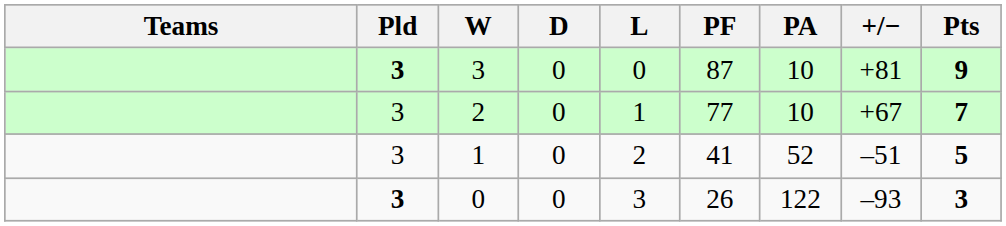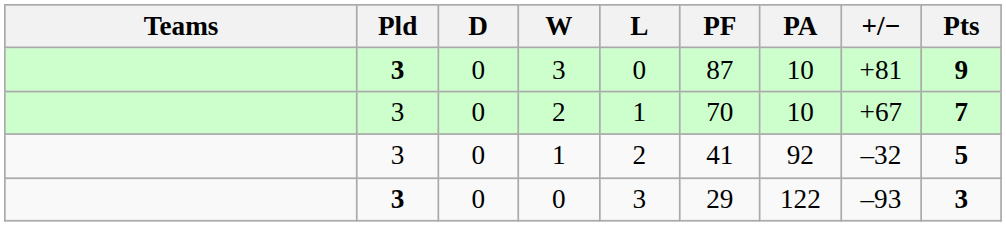 <table class="wikitable" style="text-align: center;">
 <tr>
 <th width="200">Teams</th>
 <th width="40">Pld</th>
+<th width="40">D</th>
 <th width="40">W</th>
-<th width="40">D</th>
 <th width="40">L</th>
 <th width="40">PF</th>
 <th width="40">PA</th>
 <th width="40">+/−</th>
 <th width="40">Pts</th>
 </tr>
 <tr bgcolor=ccffcc>
 <td align=left></td>
 <td><strong>3</strong></td>
+<td>0</td>
 <td>3</td>
-<td>0</td>
 <td>0</td>
 <td>87</td>
 <td>10</td>
 <td>+81</td>
 <td><strong>9</strong></td>
 </tr>
 <tr bgcolor=ccffcc>
 <td align=left></td>
 <td>3</td>
+<td>0</td>
 <td>2</td>
-<td>0</td>
 <td>1</td>
-<td>77</td>
+<td>70</td>
 <td>10</td>
 <td>+67</td>
 <td><strong>7</strong></td>
 </tr>
 <tr>
 <td align=left></td>
 <td>3</td>
+<td>0</td>
 <td>1</td>
-<td>0</td>
 <td>2</td>
 <td>41</td>
-<td>52</td>
-<td>–51</td>
+<td>92</td>
+<td>–32</td>
 <td><strong>5</strong></td>
 </tr>
 <tr>
 <td align=left></td>
 <td><strong>3</strong></td>
 <td>0</td>
 <td>0</td>
 <td>3</td>
-<td>26</td>
+<td>29</td>
 <td>122</td>
 <td>–93</td>
 <td><strong>3</strong></td>
 </tr>
 </table>
